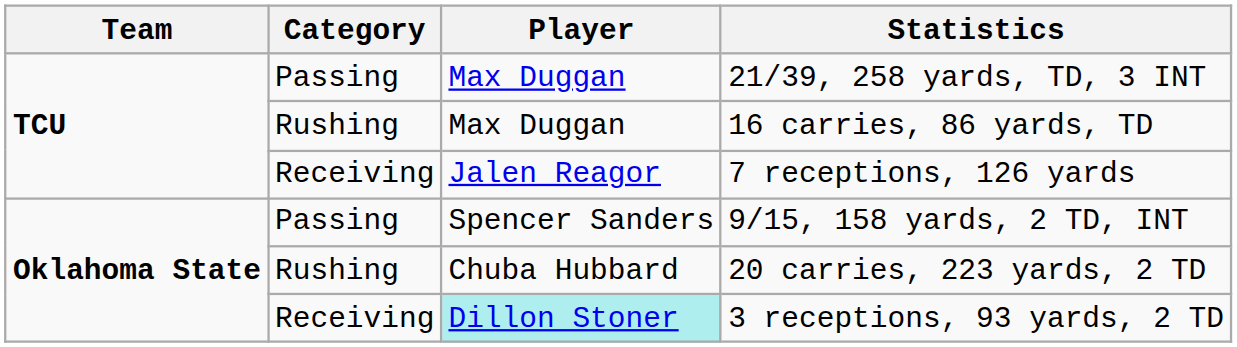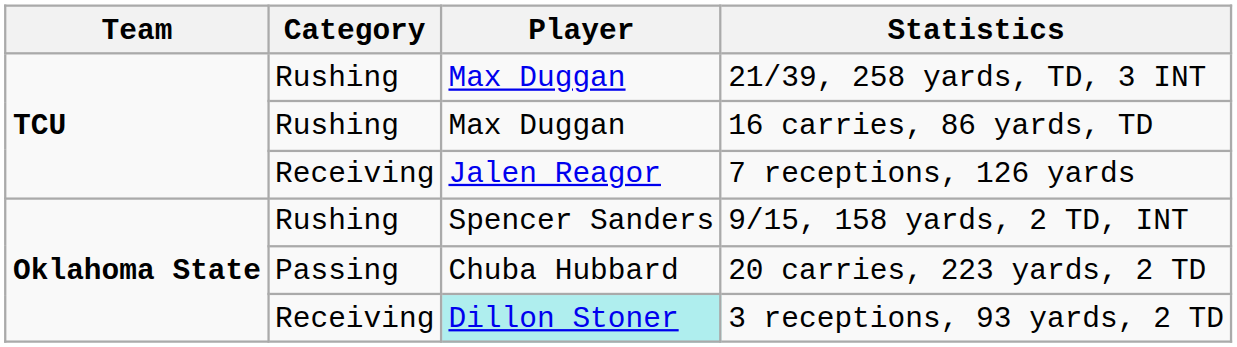 <table class="wikitable" style="float: right;">
 <tr>
 <th>Team</th>
 <th>Category</th>
 <th>Player</th>
 <th>Statistics</th>
 </tr>
 <tr>
 <td rowspan=3><strong>TCU</strong></td>
-<td>Passing</td>
+<td>Rushing</td>
 <td><a href='#'>Max Duggan</a></td>
 <td>21/39, 258 yards, TD, 3 INT</td>
 </tr>
 <tr>
 <td>Rushing</td>
 <td>Max Duggan</td>
 <td>16 carries, 86 yards, TD</td>
 </tr>
 <tr>
 <td>Receiving</td>
 <td><a href='#'>Jalen Reagor</a></td>
 <td>7 receptions, 126 yards</td>
 </tr>
 <tr>
 <td rowspan=3><strong>Oklahoma State</strong></td>
-<td>Passing</td>
+<td>Rushing</td>
 <td>Spencer Sanders</td>
 <td>9/15, 158 yards, 2 TD, INT</td>
 </tr>
 <tr>
-<td>Rushing</td>
+<td>Passing</td>
 <td>Chuba Hubbard</td>
 <td>20 carries, 223 yards, 2 TD</td>
 </tr>
 <tr>
 <td>Receiving</td>
 <td style="background: paleturquoise;"><a href='#'>Dillon Stoner</a></td>
 <td>3 receptions, 93 yards, 2 TD</td>
 </tr>
 </table>
